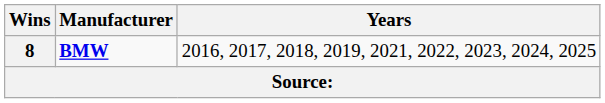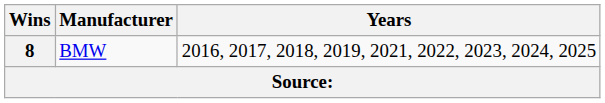 <table class="wikitable" style="font-size: 95%;">
 <tr>
 <th>Wins</th>
 <th>Manufacturer</th>
 <th>Years</th>
 </tr>
 <tr>
 <th>8</th>
-<td><strong> <a href='#'>BMW</a></strong></td>
+<td> <a href='#'>BMW</a></td>
 <td>2016, 2017, 2018, 2019, 2021, 2022, 2023, 2024, 2025</td>
 </tr>
 <tr>
 <th colspan=3>Source:</th>
 </tr>
 </table>
